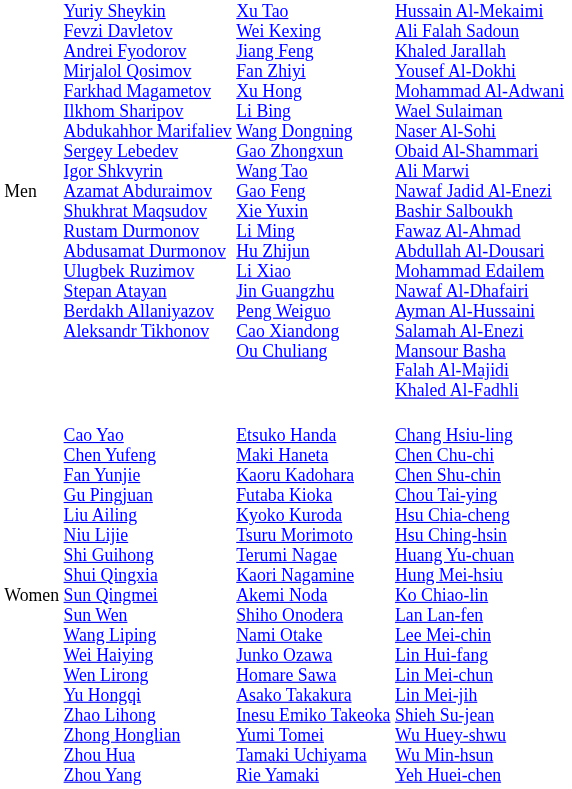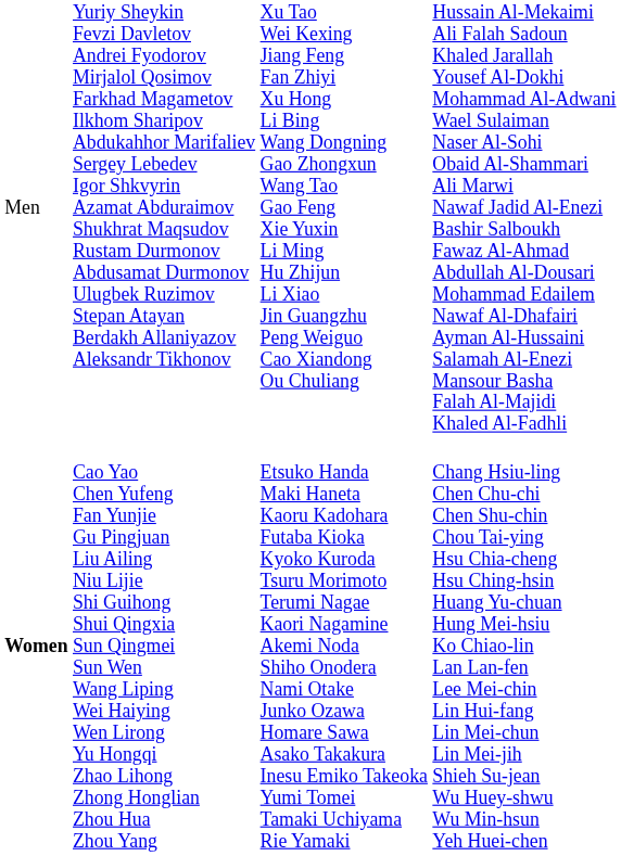 <table>
 <tr>
 <td>Men<br></td>
 <td valign=top><br><a href='#'>Yuriy Sheykin</a><br><a href='#'>Fevzi Davletov</a><br><a href='#'>Andrei Fyodorov</a><br><a href='#'>Mirjalol Qosimov</a><br><a href='#'>Farkhad Magametov</a><br><a href='#'>Ilkhom Sharipov</a><br><a href='#'>Abdukahhor Marifaliev</a><br><a href='#'>Sergey Lebedev</a><br><a href='#'>Igor Shkvyrin</a><br><a href='#'>Azamat Abduraimov</a><br><a href='#'>Shukhrat Maqsudov</a><br><a href='#'>Rustam Durmonov</a><br><a href='#'>Abdusamat Durmonov</a><br><a href='#'>Ulugbek Ruzimov</a><br><a href='#'>Stepan Atayan</a><br><a href='#'>Berdakh Allaniyazov</a><br><a href='#'>Aleksandr Tikhonov</a></td>
 <td valign=top><br><a href='#'>Xu Tao</a><br><a href='#'>Wei Kexing</a><br><a href='#'>Jiang Feng</a><br><a href='#'>Fan Zhiyi</a><br><a href='#'>Xu Hong</a><br><a href='#'>Li Bing</a><br><a href='#'>Wang Dongning</a><br><a href='#'>Gao Zhongxun</a><br><a href='#'>Wang Tao</a><br><a href='#'>Gao Feng</a><br><a href='#'>Xie Yuxin</a><br><a href='#'>Li Ming</a><br><a href='#'>Hu Zhijun</a><br><a href='#'>Li Xiao</a><br><a href='#'>Jin Guangzhu</a><br><a href='#'>Peng Weiguo</a><br><a href='#'>Cao Xiandong</a><br><a href='#'>Ou Chuliang</a></td>
 <td><br><a href='#'>Hussain Al-Mekaimi</a><br><a href='#'>Ali Falah Sadoun</a><br><a href='#'>Khaled Jarallah</a><br><a href='#'>Yousef Al-Dokhi</a><br><a href='#'>Mohammad Al-Adwani</a><br><a href='#'>Wael Sulaiman</a><br><a href='#'>Naser Al-Sohi</a><br><a href='#'>Obaid Al-Shammari</a><br><a href='#'>Ali Marwi</a><br><a href='#'>Nawaf Jadid Al-Enezi</a><br><a href='#'>Bashir Salboukh</a><br><a href='#'>Fawaz Al-Ahmad</a><br><a href='#'>Abdullah Al-Dousari</a><br><a href='#'>Mohammad Edailem</a><br><a href='#'>Nawaf Al-Dhafairi</a><br><a href='#'>Ayman Al-Hussaini</a><br><a href='#'>Salamah Al-Enezi</a><br><a href='#'>Mansour Basha</a><br><a href='#'>Falah Al-Majidi</a><br><a href='#'>Khaled Al-Fadhli</a></td>
 </tr>
 <tr>
-<td>Women<br></td>
+<td><strong>Women<br></strong></td>
 <td><br><a href='#'>Cao Yao</a><br><a href='#'>Chen Yufeng</a><br><a href='#'>Fan Yunjie</a><br><a href='#'>Gu Pingjuan</a><br><a href='#'>Liu Ailing</a><br><a href='#'>Niu Lijie</a><br><a href='#'>Shi Guihong</a><br><a href='#'>Shui Qingxia</a><br><a href='#'>Sun Qingmei</a><br><a href='#'>Sun Wen</a><br><a href='#'>Wang Liping</a><br><a href='#'>Wei Haiying</a><br><a href='#'>Wen Lirong</a><br><a href='#'>Yu Hongqi</a><br><a href='#'>Zhao Lihong</a><br><a href='#'>Zhong Honglian</a><br><a href='#'>Zhou Hua</a><br><a href='#'>Zhou Yang</a></td>
 <td><br><a href='#'>Etsuko Handa</a><br><a href='#'>Maki Haneta</a><br><a href='#'>Kaoru Kadohara</a><br><a href='#'>Futaba Kioka</a><br><a href='#'>Kyoko Kuroda</a><br><a href='#'>Tsuru Morimoto</a><br><a href='#'>Terumi Nagae</a><br><a href='#'>Kaori Nagamine</a><br><a href='#'>Akemi Noda</a><br><a href='#'>Shiho Onodera</a><br><a href='#'>Nami Otake</a><br><a href='#'>Junko Ozawa</a><br><a href='#'>Homare Sawa</a><br><a href='#'>Asako Takakura</a><br><a href='#'>Inesu Emiko Takeoka</a><br><a href='#'>Yumi Tomei</a><br><a href='#'>Tamaki Uchiyama</a><br><a href='#'>Rie Yamaki</a></td>
 <td><br><a href='#'>Chang Hsiu-ling</a><br><a href='#'>Chen Chu-chi</a><br><a href='#'>Chen Shu-chin</a><br><a href='#'>Chou Tai-ying</a><br><a href='#'>Hsu Chia-cheng</a><br><a href='#'>Hsu Ching-hsin</a><br><a href='#'>Huang Yu-chuan</a><br><a href='#'>Hung Mei-hsiu</a><br><a href='#'>Ko Chiao-lin</a><br><a href='#'>Lan Lan-fen</a><br><a href='#'>Lee Mei-chin</a><br><a href='#'>Lin Hui-fang</a><br><a href='#'>Lin Mei-chun</a><br><a href='#'>Lin Mei-jih</a><br><a href='#'>Shieh Su-jean</a><br><a href='#'>Wu Huey-shwu</a><br><a href='#'>Wu Min-hsun</a><br><a href='#'>Yeh Huei-chen</a></td>
 </tr>
 </table>
